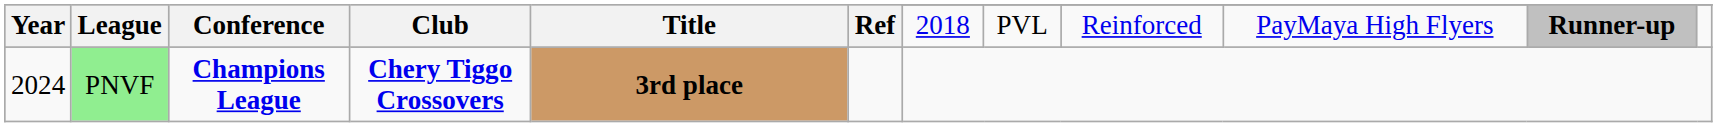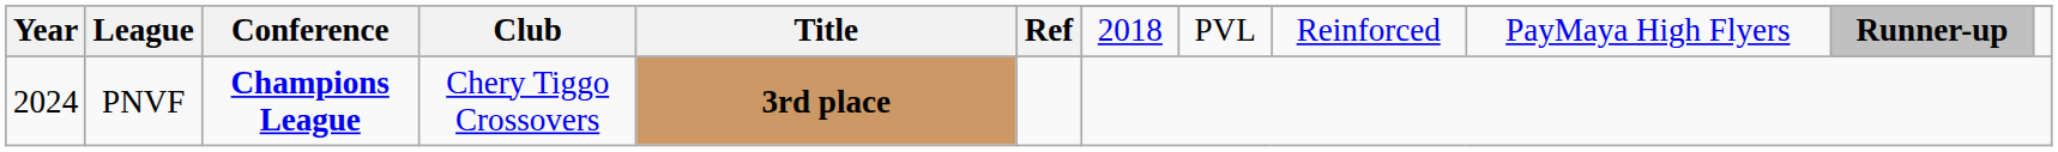 <table class="wikitable sortable" style="text-align:center" width="80%">
 <tr>
 <th style="width:5px;" rowspan="2">Year</th>
 <th style="width:25px;" rowspan="2">League</th>
 <th style="width:100px;" rowspan="2">Conference</th>
 <th style="width:100px;" rowspan="2">Club</th>
 <th style="width:180px;" rowspan="2">Title</th>
 <th style="width:25px;" rowspan="2">Ref</th>
 </tr>
 <tr align=center>
 <td><a href='#'>2018</a></td>
 <td>PVL</td>
 <td><a href='#'>Reinforced</a></td>
 <td><a href='#'>PayMaya High Flyers</a></td>
 <td style="background:silver;"><strong>Runner-up</strong></td>
 <td></td>
 </tr>
 <tr align=center>
 <td>2024</td>
-<td style="background: lightgreen;">PNVF</td>
+<td>PNVF</td>
 <td><strong><a href='#'>Champions League</a></strong></td>
-<td><strong><a href='#'>Chery Tiggo Crossovers</a></strong></td>
+<td><a href='#'>Chery Tiggo Crossovers</a></td>
 <td style="background:#CC9966;"><strong>3rd place</strong></td>
 <td></td>
 </tr>
 </table>
